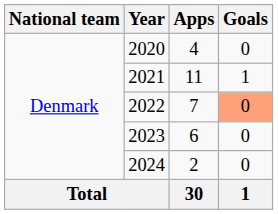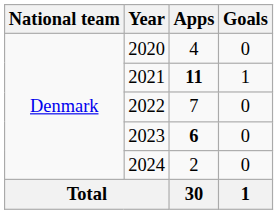 <table class="wikitable" style="text-align:center">
 <tr>
 <th>National team</th>
 <th>Year</th>
 <th>Apps</th>
 <th>Goals</th>
 </tr>
 <tr>
 <td rowspan="5"><a href='#'>Denmark</a></td>
 <td>2020</td>
 <td>4</td>
 <td>0</td>
 </tr>
 <tr>
 <td>2021</td>
-<td>11</td>
+<td><strong>11</strong></td>
 <td>1</td>
 </tr>
 <tr>
 <td>2022</td>
 <td>7</td>
-<td style="background: lightsalmon;">0</td>
+<td>0</td>
 </tr>
 <tr>
 <td>2023</td>
-<td>6</td>
+<td><strong>6</strong></td>
 <td>0</td>
 </tr>
 <tr>
 <td>2024</td>
 <td>2</td>
 <td>0</td>
 </tr>
 <tr>
 <th colspan="2">Total</th>
 <th>30</th>
 <th>1</th>
 </tr>
 </table>
